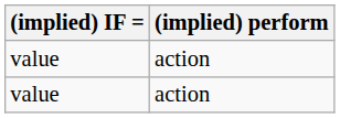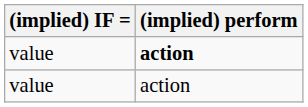 <table class="wikitable">
 <tr>
 <th>(implied) IF =</th>
 <th>(implied) perform</th>
 </tr>
 <tr>
 <td>value</td>
-<td>action</td>
+<td><strong>action</strong></td>
 </tr>
 <tr>
 <td>value</td>
 <td>action</td>
 </tr>
 </table>
